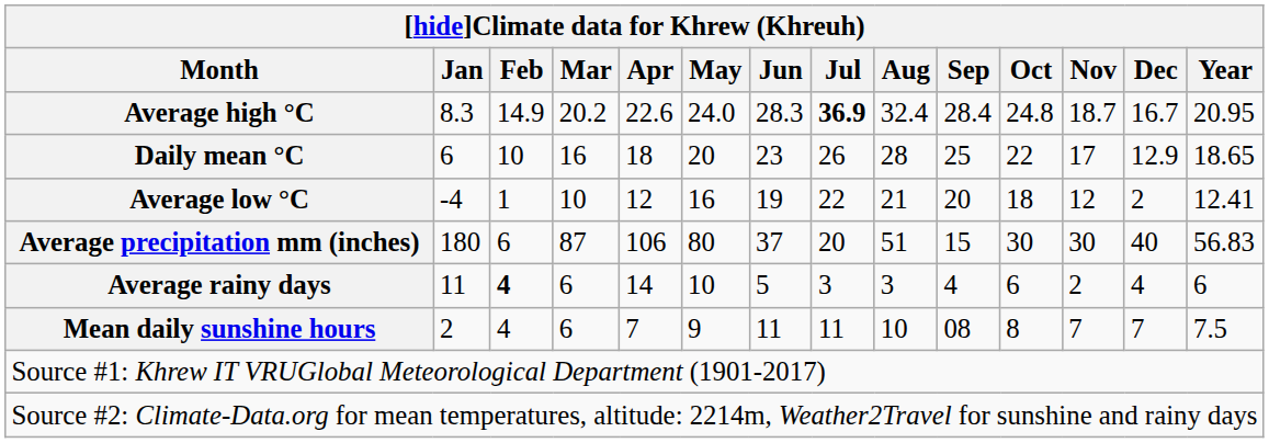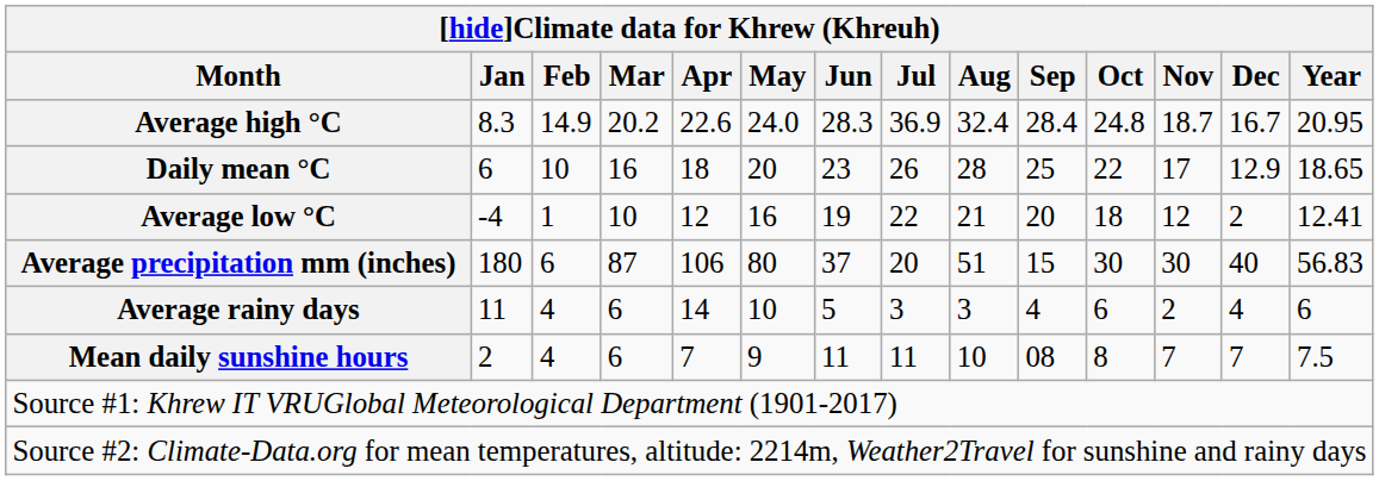 <table class="wikitable mw-collapsible">
 <tr>
 <th colspan="14">[<a href='#'>hide</a>]Climate data for Khrew (Khreuh)</th>
 </tr>
 <tr>
 <th>Month</th>
 <th>Jan</th>
 <th>Feb</th>
 <th>Mar</th>
 <th>Apr</th>
 <th>May</th>
 <th>Jun</th>
 <th>Jul</th>
 <th>Aug</th>
 <th>Sep</th>
 <th>Oct</th>
 <th>Nov</th>
 <th>Dec</th>
 <th>Year</th>
 </tr>
 <tr>
 <th>Average high °C</th>
 <td>8.3</td>
 <td>14.9</td>
 <td>20.2</td>
 <td>22.6</td>
 <td>24.0</td>
 <td>28.3</td>
-<td><strong>36.9</strong></td>
+<td>36.9</td>
 <td>32.4</td>
 <td>28.4</td>
 <td>24.8</td>
 <td>18.7</td>
 <td>16.7</td>
 <td>20.95</td>
 </tr>
 <tr>
 <th>Daily mean °C</th>
 <td>6</td>
 <td>10</td>
 <td>16</td>
 <td>18</td>
 <td>20</td>
 <td>23</td>
 <td>26</td>
 <td>28</td>
 <td>25</td>
 <td>22</td>
 <td>17</td>
 <td>12.9</td>
 <td>18.65</td>
 </tr>
 <tr>
 <th>Average low °C</th>
 <td>-4</td>
 <td>1</td>
 <td>10</td>
 <td>12</td>
 <td>16</td>
 <td>19</td>
 <td>22</td>
 <td>21</td>
 <td>20</td>
 <td>18</td>
 <td>12</td>
 <td>2</td>
 <td>12.41</td>
 </tr>
 <tr>
 <th>Average <a href='#'>precipitation</a> mm (inches)</th>
 <td>180</td>
 <td>6</td>
 <td>87</td>
 <td>106</td>
 <td>80</td>
 <td>37</td>
 <td>20</td>
 <td>51</td>
 <td>15</td>
 <td>30</td>
 <td>30</td>
 <td>40</td>
 <td>56.83</td>
 </tr>
 <tr>
 <th>Average rainy days</th>
 <td>11</td>
-<td><strong>4</strong></td>
+<td>4</td>
 <td>6</td>
 <td>14</td>
 <td>10</td>
 <td>5</td>
 <td>3</td>
 <td>3</td>
 <td>4</td>
 <td>6</td>
 <td>2</td>
 <td>4</td>
 <td>6</td>
 </tr>
 <tr>
 <th>Mean daily <a href='#'>sunshine hours</a></th>
 <td>2</td>
 <td>4</td>
 <td>6</td>
 <td>7</td>
 <td>9</td>
 <td>11</td>
 <td>11</td>
 <td>10</td>
 <td>08</td>
 <td>8</td>
 <td>7</td>
 <td>7</td>
 <td>7.5</td>
 </tr>
 <tr>
 <td colspan="14">Source #1: <em>Khrew IT VRUGlobal Meteorological Department</em> (1901-2017)</td>
 </tr>
 <tr>
 <td colspan="14">Source #2: <em>Climate-Data.org</em> for mean temperatures, altitude: 2214m, <em>Weather2Travel</em> for sunshine and rainy days</td>
 </tr>
 </table>
